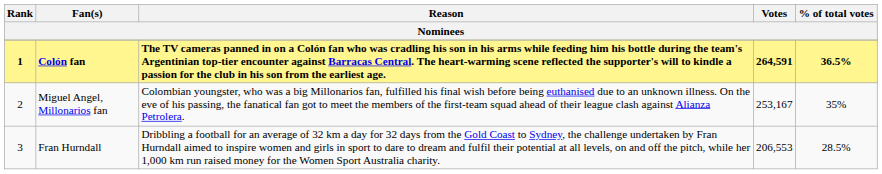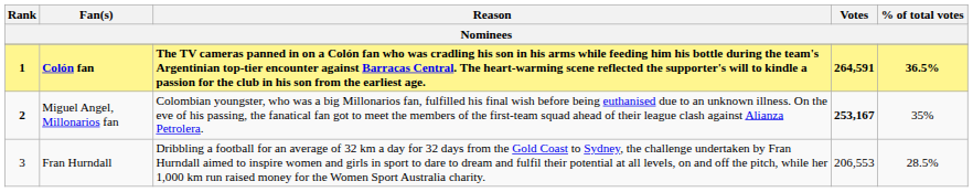 <table class="wikitable">
 <tr>
 <th>Rank</th>
 <th width="140">Fan(s)</th>
 <th>Reason</th>
 <th>Votes</th>
 <th width="110">% of total votes</th>
 </tr>
 <tr>
 <th colspan="5">Nominees</th>
 </tr>
 <tr>
 </tr>
 <tr style="background-color: #FFF68F; font-weight: bold;">
 <td align="center">1</td>
 <td> <a href='#'>Colón</a> fan</td>
 <td>The TV cameras panned in on a Colón fan who was cradling his son in his arms while feeding him his bottle during the team's Argentinian top-tier encounter against <a href='#'>Barracas Central</a>. The heart-warming scene reflected the supporter's will to kindle a passion for the club in his son from the earliest age.</td>
 <td>264,591</td>
 <td align="center">36.5%</td>
 </tr>
 <tr>
-<td align="center">2</td>
+<td align="center"><strong>2</strong></td>
 <td> Miguel Angel, <a href='#'>Millonarios</a> fan</td>
 <td>Colombian youngster, who was a big Millonarios fan, fulfilled his final wish before being <a href='#'>euthanised</a> due to an unknown illness. On the eve of his passing, the fanatical fan got to meet the members of the first-team squad ahead of their league clash against <a href='#'>Alianza Petrolera</a>.</td>
-<td>253,167</td>
+<td><strong>253,167</strong></td>
 <td align="center">35%</td>
 </tr>
 <tr>
 <td align="center">3</td>
 <td> Fran Hurndall</td>
 <td>Dribbling a football for an average of 32 km a day for 32 days from the <a href='#'>Gold Coast</a> to <a href='#'>Sydney</a>, the challenge undertaken by Fran Hurndall aimed to inspire women and girls in sport to dare to dream and fulfil their potential at all levels, on and off the pitch, while her 1,000 km run raised money for the Women Sport Australia charity.</td>
 <td>206,553</td>
 <td align="center">28.5%</td>
 </tr>
 </table>
